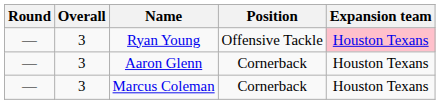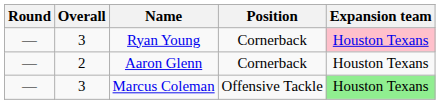 <table class="wikitable" style="text-align:center">
 <tr>
 <th>Round</th>
 <th>Overall</th>
 <th>Name</th>
 <th>Position</th>
 <th>Expansion team</th>
 </tr>
 <tr>
 <td>—</td>
 <td>3</td>
 <td><a href='#'>Ryan Young</a></td>
-<td>Offensive Tackle</td>
+<td>Cornerback</td>
 <td style="background: pink;"><a href='#'>Houston Texans</a></td>
 </tr>
 <tr>
 <td>—</td>
-<td>3</td>
+<td>2</td>
 <td><a href='#'>Aaron Glenn</a></td>
 <td>Cornerback</td>
 <td>Houston Texans</td>
 </tr>
 <tr>
 <td>—</td>
 <td>3</td>
 <td><a href='#'>Marcus Coleman</a></td>
-<td>Cornerback</td>
-<td>Houston Texans</td>
+<td>Offensive Tackle</td>
+<td style="background: lightgreen;">Houston Texans</td>
 </tr>
 </table>
